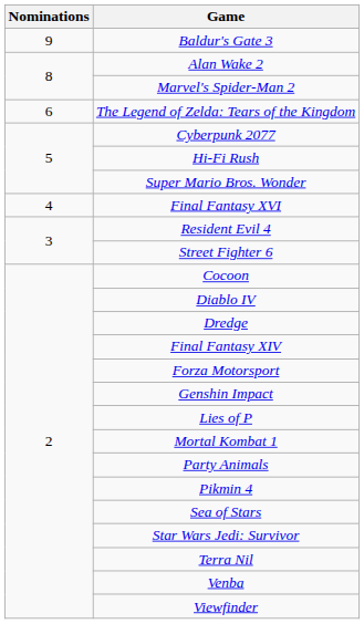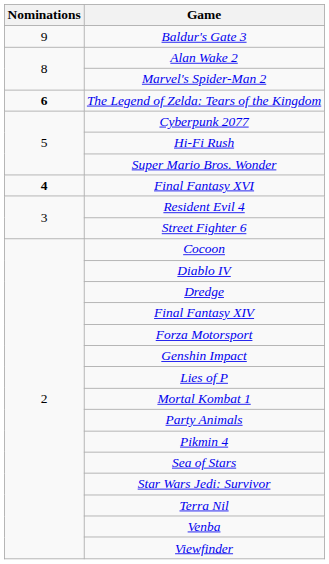 <table class="wikitable" rowspan="2" style="text-align:center;" background: #f6e39c;>
 <tr>
 <th scope="col" style="width:55px;">Nominations</th>
 <th scope="col" style="text-align:center;">Game</th>
 </tr>
 <tr>
 <td>9</td>
 <td><em><a href='#'>Baldur's Gate 3</a></em></td>
 </tr>
 <tr>
 <td rowspan="2">8</td>
 <td><em><a href='#'>Alan Wake 2</a></em></td>
 </tr>
 <tr>
 <td><em><a href='#'>Marvel's Spider-Man 2</a></em></td>
 </tr>
 <tr>
-<td>6</td>
+<td><strong>6</strong></td>
 <td><em><a href='#'>The Legend of Zelda: Tears of the Kingdom</a></em></td>
 </tr>
 <tr>
 <td rowspan="3">5</td>
 <td><em><a href='#'>Cyberpunk 2077</a></em></td>
 </tr>
 <tr>
 <td><em><a href='#'>Hi-Fi Rush</a></em></td>
 </tr>
 <tr>
 <td><em><a href='#'>Super Mario Bros. Wonder</a></em></td>
 </tr>
 <tr>
-<td>4</td>
+<td><strong>4</strong></td>
 <td><em><a href='#'>Final Fantasy XVI</a></em></td>
 </tr>
 <tr>
 <td rowspan="2">3</td>
 <td><em><a href='#'>Resident Evil 4</a></em></td>
 </tr>
 <tr>
 <td><em><a href='#'>Street Fighter 6</a></em></td>
 </tr>
 <tr>
 <td rowspan="15">2</td>
 <td><em><a href='#'>Cocoon</a></em></td>
 </tr>
 <tr>
 <td><em><a href='#'>Diablo IV</a></em></td>
 </tr>
 <tr>
 <td><em><a href='#'>Dredge</a></em></td>
 </tr>
 <tr>
 <td><em><a href='#'>Final Fantasy XIV</a></em></td>
 </tr>
 <tr>
 <td><em><a href='#'>Forza Motorsport</a></em></td>
 </tr>
 <tr>
 <td><em><a href='#'>Genshin Impact</a></em></td>
 </tr>
 <tr>
 <td><em><a href='#'>Lies of P</a></em></td>
 </tr>
 <tr>
 <td><em><a href='#'>Mortal Kombat 1</a></em></td>
 </tr>
 <tr>
 <td><em><a href='#'>Party Animals</a></em></td>
 </tr>
 <tr>
 <td><em><a href='#'>Pikmin 4</a></em></td>
 </tr>
 <tr>
 <td><em><a href='#'>Sea of Stars</a></em></td>
 </tr>
 <tr>
 <td><em><a href='#'>Star Wars Jedi: Survivor</a></em></td>
 </tr>
 <tr>
 <td><em><a href='#'>Terra Nil</a></em></td>
 </tr>
 <tr>
 <td><em><a href='#'>Venba</a></em></td>
 </tr>
 <tr>
 <td><em><a href='#'>Viewfinder</a></em></td>
 </tr>
 </table>
